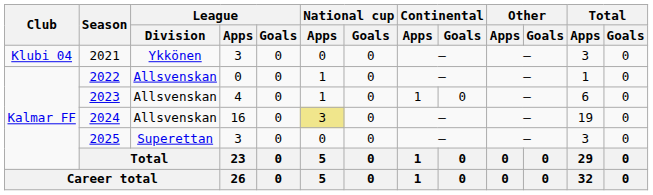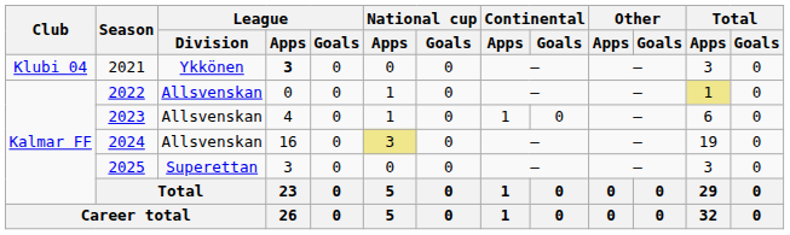 <table class="wikitable" style="text-align:center">
 <tr>
 <th rowspan="2">Club</th>
 <th rowspan="2">Season</th>
 <th colspan="3">League</th>
 <th colspan="2">National cup</th>
 <th colspan="2">Continental</th>
 <th colspan="2">Other</th>
 <th colspan="2">Total</th>
 </tr>
 <tr>
 <th>Division</th>
 <th>Apps</th>
 <th>Goals</th>
 <th>Apps</th>
 <th>Goals</th>
 <th>Apps</th>
 <th>Goals</th>
 <th>Apps</th>
 <th>Goals</th>
 <th>Apps</th>
 <th>Goals</th>
 </tr>
 <tr>
 <td><a href='#'>Klubi 04</a></td>
 <td>2021</td>
 <td><a href='#'>Ykkönen</a></td>
-<td>3</td>
+<td><strong>3</strong></td>
 <td>0</td>
 <td>0</td>
 <td>0</td>
 <td colspan="2">—</td>
 <td colspan="2">—</td>
 <td>3</td>
 <td>0</td>
 </tr>
 <tr>
 <td rowspan="5"><a href='#'>Kalmar FF</a></td>
 <td><a href='#'>2022</a></td>
 <td><a href='#'>Allsvenskan</a></td>
 <td>0</td>
 <td>0</td>
 <td>1</td>
 <td>0</td>
 <td colspan="2">—</td>
 <td colspan="2">—</td>
-<td>1</td>
+<td style="background: khaki;">1</td>
 <td>0</td>
 </tr>
 <tr>
 <td><a href='#'>2023</a></td>
 <td>Allsvenskan</td>
 <td>4</td>
 <td>0</td>
 <td>1</td>
 <td>0</td>
 <td>1</td>
 <td>0</td>
 <td colspan="2">—</td>
 <td>6</td>
 <td>0</td>
 </tr>
 <tr>
 <td><a href='#'>2024</a></td>
 <td>Allsvenskan</td>
 <td>16</td>
 <td>0</td>
 <td style="background: khaki;">3</td>
 <td>0</td>
 <td colspan="2">—</td>
 <td colspan="2">—</td>
 <td>19</td>
 <td>0</td>
 </tr>
 <tr>
 <td><a href='#'>2025</a></td>
 <td><a href='#'>Superettan</a></td>
 <td>3</td>
 <td>0</td>
 <td>0</td>
 <td>0</td>
 <td colspan=2>–</td>
 <td colspan=2>–</td>
 <td>3</td>
 <td>0</td>
 </tr>
 <tr>
 <th colspan="2">Total</th>
 <th>23</th>
 <th>0</th>
 <th>5</th>
 <th>0</th>
 <th>1</th>
 <th>0</th>
 <th>0</th>
 <th>0</th>
 <th>29</th>
 <th>0</th>
 </tr>
 <tr>
 <th colspan="3">Career total</th>
 <th>26</th>
 <th>0</th>
 <th>5</th>
 <th>0</th>
 <th>1</th>
 <th>0</th>
 <th>0</th>
 <th>0</th>
 <th>32</th>
 <th>0</th>
 </tr>
 </table>
